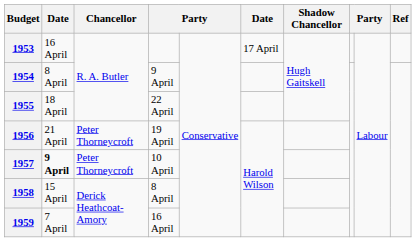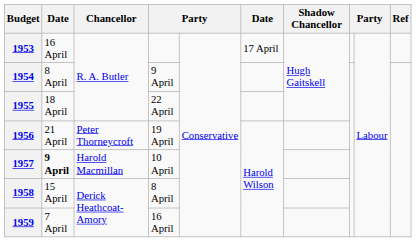 <table class= "wikitable">
 <tr>
 <th scope= "col">Budget</th>
 <th scope= "col">Date</th>
 <th scope= "col">Chancellor</th>
 <th colspan= "2">Party</th>
 <th scope= "col">Date</th>
 <th scope= "col">Shadow Chancellor</th>
 <th colspan= "2">Party</th>
 <th scope= "col">Ref</th>
 </tr>
 <tr>
 <th><a href='#'>1953</a></th>
 <td>16 April</td>
 <td rowspan="3"><a href='#'>R. A. Butler</a></td>
 <td style="background-color: "></td>
 <td rowspan= "7"><a href='#'>Conservative</a></td>
 <td>17 April</td>
 <td rowspan="3"><a href='#'>Hugh Gaitskell</a></td>
 <td style="background-color: "></td>
 <td rowspan="7"><a href='#'>Labour</a></td>
 <td></td>
 </tr>
 <tr>
 <th><a href='#'>1954</a></th>
 <td>8 April</td>
 <td>9 April</td>
 <td></td>
 </tr>
 <tr>
 <th><a href='#'>1955</a></th>
 <td>18 April</td>
 <td>22 April</td>
 <td></td>
 </tr>
 <tr>
 <th><a href='#'>1956</a></th>
 <td>21 April</td>
 <td><a href='#'>Peter Thorneycroft</a></td>
 <td>19 April</td>
 <td rowspan="4"><a href='#'>Harold Wilson</a></td>
 <td></td>
 </tr>
 <tr>
 <th><a href='#'>1957</a></th>
 <td><strong>9 April</strong></td>
-<td><a href='#'>Peter Thorneycroft</a></td>
+<td><a href='#'>Harold Macmillan</a></td>
 <td>10 April</td>
 <td></td>
 </tr>
 <tr>
 <th><a href='#'>1958</a></th>
 <td>15 April</td>
 <td rowspan="2"><a href='#'>Derick Heathcoat-Amory</a></td>
 <td>8 April</td>
 <td></td>
 </tr>
 <tr>
 <th><a href='#'>1959</a></th>
 <td>7 April</td>
 <td>16 April</td>
 <td></td>
 </tr>
 </table>
